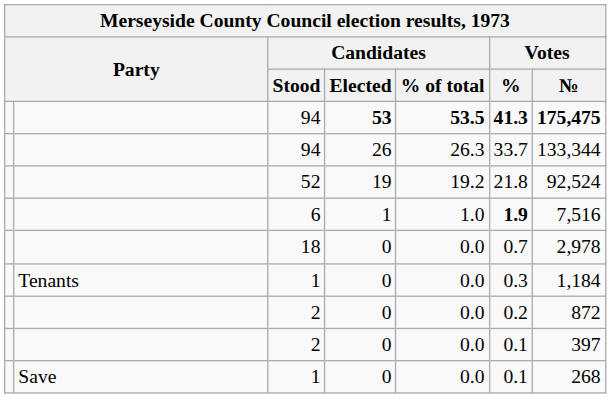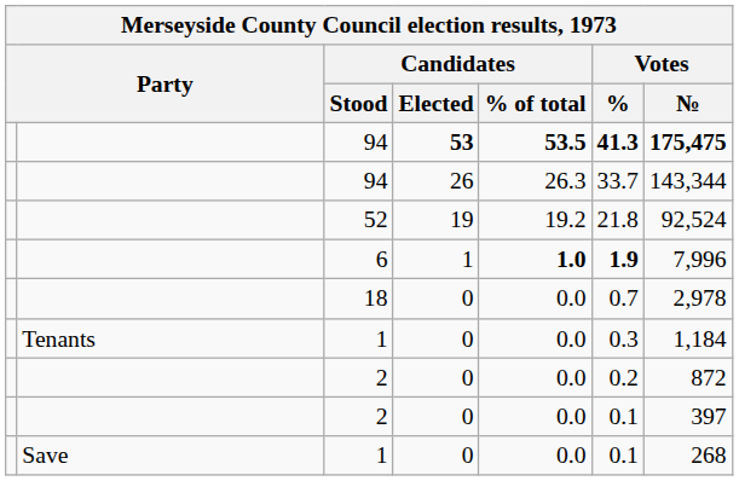 <table class="wikitable" style="font-size:95%">
 <tr>
 <th colspan="16" style="background-color:#f2f2f2">Merseyside County Council election results, 1973</th>
 </tr>
 <tr style="vertical-align:center;">
 <th colspan="2" rowspan="2">Party</th>
 <th colspan="3" style="width: 30px">Candidates</th>
 <th colspan="2" style="width: 30px">Votes</th>
 </tr>
 <tr>
 <th>Stood</th>
 <th>Elected</th>
 <th>% of total</th>
 <th>%</th>
 <th>№</th>
 </tr>
 <tr>
 <td style="background-color: "></td>
 <td style="width: 190px"><a href='#'></a></td>
 <td style="text-align:right; ">94</td>
 <td style="text-align:right; "><strong>53</strong></td>
 <td style="text-align:right; "><strong>53.5</strong></td>
 <td style="text-align:right; "><strong>41.3</strong></td>
 <td style="text-align:right; "><strong>175,475</strong></td>
 </tr>
 <tr>
 <td style="background-color: "></td>
 <td style="width: 190px"><a href='#'></a></td>
 <td style="text-align:right; ">94</td>
 <td style="text-align:right; ">26</td>
 <td style="text-align:right; ">26.3</td>
 <td style="text-align:right; ">33.7</td>
-<td style="text-align:right; ">133,344</td>
+<td style="text-align:right; ">143,344</td>
 </tr>
 <tr>
 <td style="background-color: "></td>
 <td style="width: 190px"><a href='#'></a></td>
 <td style="text-align:right; ">52</td>
 <td style="text-align:right; ">19</td>
 <td style="text-align:right; ">19.2</td>
 <td style="text-align:right; ">21.8</td>
 <td style="text-align:right; ">92,524</td>
 </tr>
 <tr>
 <td style="background-color: "></td>
 <td style="width: 190px"><a href='#'></a></td>
 <td style="text-align:right; ">6</td>
 <td style="text-align:right; ">1</td>
-<td style="text-align:right; ">1.0</td>
+<td style="text-align:right; "><strong>1.0</strong></td>
 <td style="text-align:right; "><strong>1.9</strong></td>
-<td style="text-align:right; ">7,516</td>
+<td style="text-align:right; ">7,996</td>
 </tr>
 <tr>
 <td style="background-color: "></td>
 <td style="width: 190px"><a href='#'></a></td>
 <td style="text-align:right; ">18</td>
 <td style="text-align:right; ">0</td>
 <td style="text-align:right; ">0.0</td>
 <td style="text-align:right; ">0.7</td>
 <td style="text-align:right; ">2,978</td>
 </tr>
 <tr>
 <td style="background-color: "></td>
 <td style="width: 190px">Tenants</td>
 <td style="text-align:right; ">1</td>
 <td style="text-align:right; ">0</td>
 <td style="text-align:right; ">0.0</td>
 <td style="text-align:right; ">0.3</td>
 <td style="text-align:right; ">1,184</td>
 </tr>
 <tr>
 <td style="background-color: "></td>
 <td style="width: 190px"><a href='#'></a></td>
 <td style="text-align:right; ">2</td>
 <td style="text-align:right; ">0</td>
 <td style="text-align:right; ">0.0</td>
 <td style="text-align:right; ">0.2</td>
 <td style="text-align:right; ">872</td>
 </tr>
 <tr>
 <td style="background-color: "></td>
 <td style="width: 190px"><a href='#'></a></td>
 <td style="text-align:right; ">2</td>
 <td style="text-align:right; ">0</td>
 <td style="text-align:right; ">0.0</td>
 <td style="text-align:right; ">0.1</td>
 <td style="text-align:right; ">397</td>
 </tr>
 <tr>
 <td style="background-color: "></td>
 <td style="width: 190px">Save</td>
 <td style="text-align:right; ">1</td>
 <td style="text-align:right; ">0</td>
 <td style="text-align:right; ">0.0</td>
 <td style="text-align:right; ">0.1</td>
 <td style="text-align:right; ">268</td>
 </tr>
 </table>
